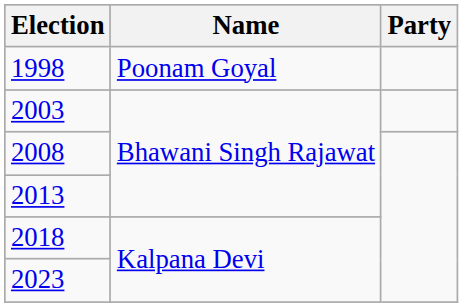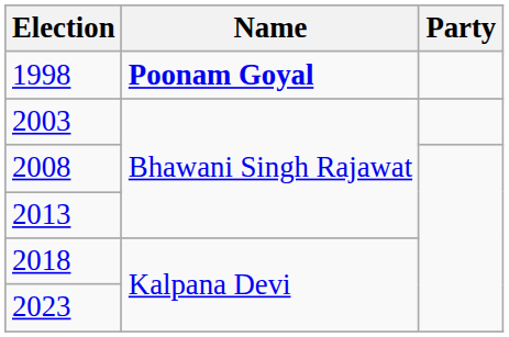 <table class="wikitable sortable">
 <tr>
 <th>Election</th>
 <th>Name</th>
 <th colspan=2>Party</th>
 </tr>
 <tr>
 <td><a href='#'>1998</a></td>
-<td><a href='#'>Poonam Goyal</a></td>
+<td><strong><a href='#'>Poonam Goyal</a></strong></td>
 <td></td>
 </tr>
 <tr>
 <td><a href='#'>2003</a></td>
 <td rowspan=3><a href='#'>Bhawani Singh Rajawat</a></td>
 <td></td>
 </tr>
 <tr>
 <td><a href='#'>2008</a></td>
 </tr>
 <tr>
 <td><a href='#'>2013</a></td>
 </tr>
 <tr>
 <td><a href='#'>2018</a></td>
 <td rowspan=2><a href='#'>Kalpana Devi</a></td>
 </tr>
 <tr>
 <td><a href='#'>2023</a></td>
 </tr>
 </table>
